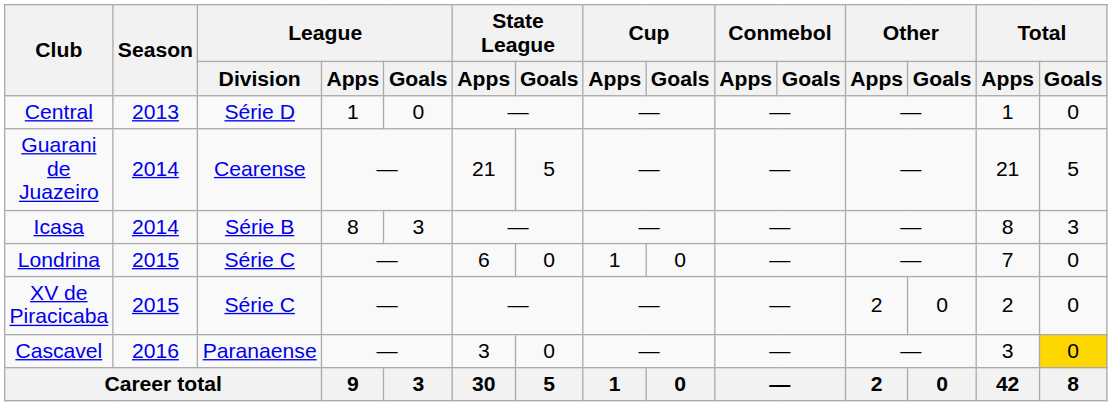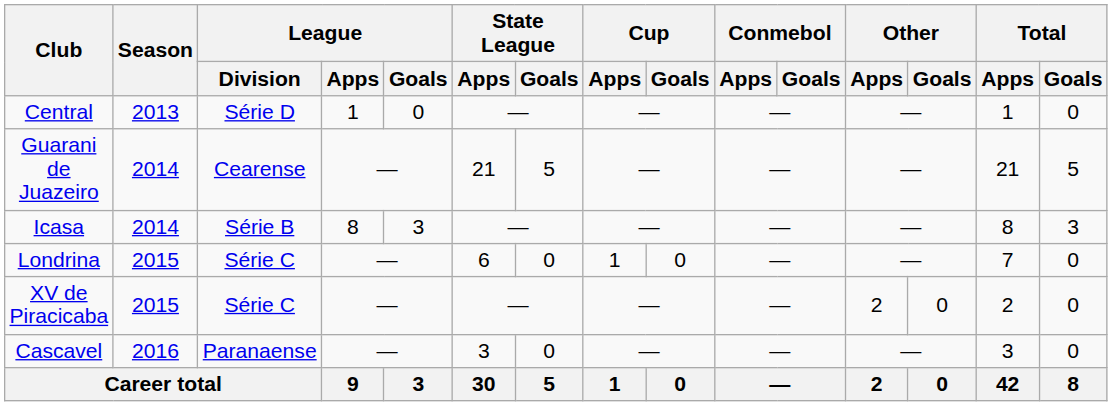 <table class="wikitable" style="text-align: center;">
 <tr>
 <th rowspan="2">Club</th>
 <th rowspan="2">Season</th>
 <th colspan="3">League</th>
 <th colspan="2">State League</th>
 <th colspan="2">Cup</th>
 <th colspan="2">Conmebol</th>
 <th colspan="2">Other</th>
 <th colspan="2">Total</th>
 </tr>
 <tr>
 <th>Division</th>
 <th>Apps</th>
 <th>Goals</th>
 <th>Apps</th>
 <th>Goals</th>
 <th>Apps</th>
 <th>Goals</th>
 <th>Apps</th>
 <th>Goals</th>
 <th>Apps</th>
 <th>Goals</th>
 <th>Apps</th>
 <th>Goals</th>
 </tr>
 <tr>
 <td valign="center"><a href='#'>Central</a></td>
 <td><a href='#'>2013</a></td>
 <td><a href='#'>Série D</a></td>
 <td>1</td>
 <td>0</td>
 <td colspan="2">—</td>
 <td colspan="2">—</td>
 <td colspan="2">—</td>
 <td colspan="2">—</td>
 <td>1</td>
 <td>0</td>
 </tr>
 <tr>
 <td valign="center"><a href='#'>Guarani de Juazeiro</a></td>
 <td><a href='#'>2014</a></td>
 <td><a href='#'>Cearense</a></td>
 <td colspan="2">—</td>
 <td>21</td>
 <td>5</td>
 <td colspan="2">—</td>
 <td colspan="2">—</td>
 <td colspan="2">—</td>
 <td>21</td>
 <td>5</td>
 </tr>
 <tr>
 <td valign="center"><a href='#'>Icasa</a></td>
 <td><a href='#'>2014</a></td>
 <td><a href='#'>Série B</a></td>
 <td>8</td>
 <td>3</td>
 <td colspan="2">—</td>
 <td colspan="2">—</td>
 <td colspan="2">—</td>
 <td colspan="2">—</td>
 <td>8</td>
 <td>3</td>
 </tr>
 <tr>
 <td valign="center"><a href='#'>Londrina</a></td>
 <td><a href='#'>2015</a></td>
 <td><a href='#'>Série C</a></td>
 <td colspan="2">—</td>
 <td>6</td>
 <td>0</td>
 <td>1</td>
 <td>0</td>
 <td colspan="2">—</td>
 <td colspan="2">—</td>
 <td>7</td>
 <td>0</td>
 </tr>
 <tr>
 <td valign="center"><a href='#'>XV de Piracicaba</a></td>
 <td><a href='#'>2015</a></td>
 <td><a href='#'>Série C</a></td>
 <td colspan="2">—</td>
 <td colspan="2">—</td>
 <td colspan="2">—</td>
 <td colspan="2">—</td>
 <td>2</td>
 <td>0</td>
 <td>2</td>
 <td>0</td>
 </tr>
 <tr>
 <td valign="center"><a href='#'>Cascavel</a></td>
 <td><a href='#'>2016</a></td>
 <td><a href='#'>Paranaense</a></td>
 <td colspan="2">—</td>
 <td>3</td>
 <td>0</td>
 <td colspan="2">—</td>
 <td colspan="2">—</td>
 <td colspan="2">—</td>
 <td>3</td>
-<td style="background: gold;">0</td>
+<td>0</td>
 </tr>
 <tr>
 <th colspan="3"><strong>Career total</strong></th>
 <th>9</th>
 <th>3</th>
 <th>30</th>
 <th>5</th>
 <th>1</th>
 <th>0</th>
 <th colspan="2">—</th>
 <th>2</th>
 <th>0</th>
 <th>42</th>
 <th>8</th>
 </tr>
 </table>
